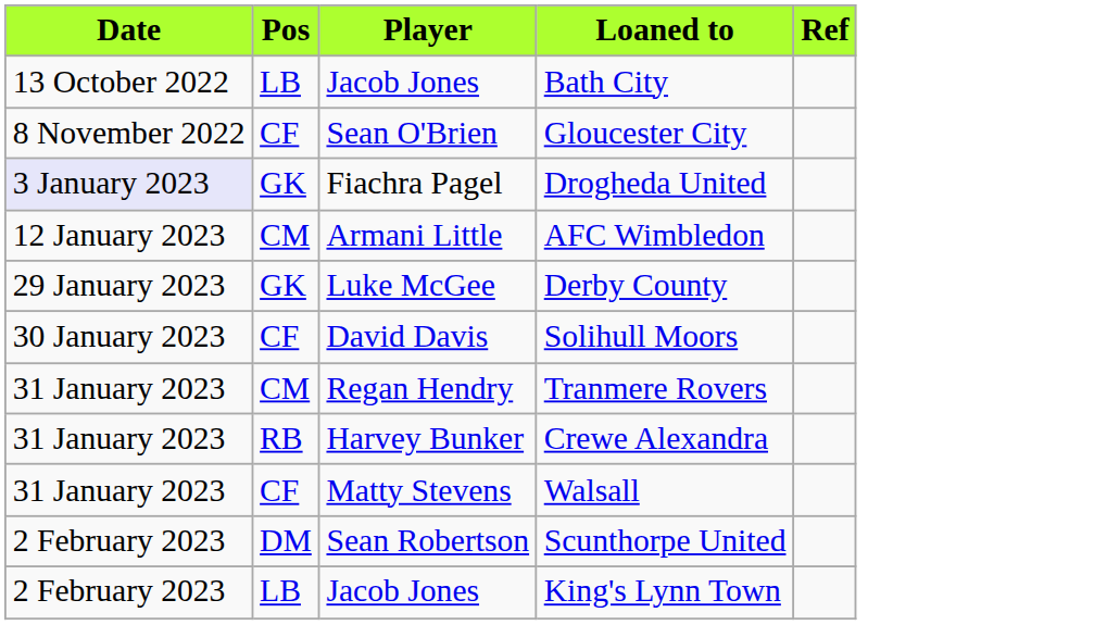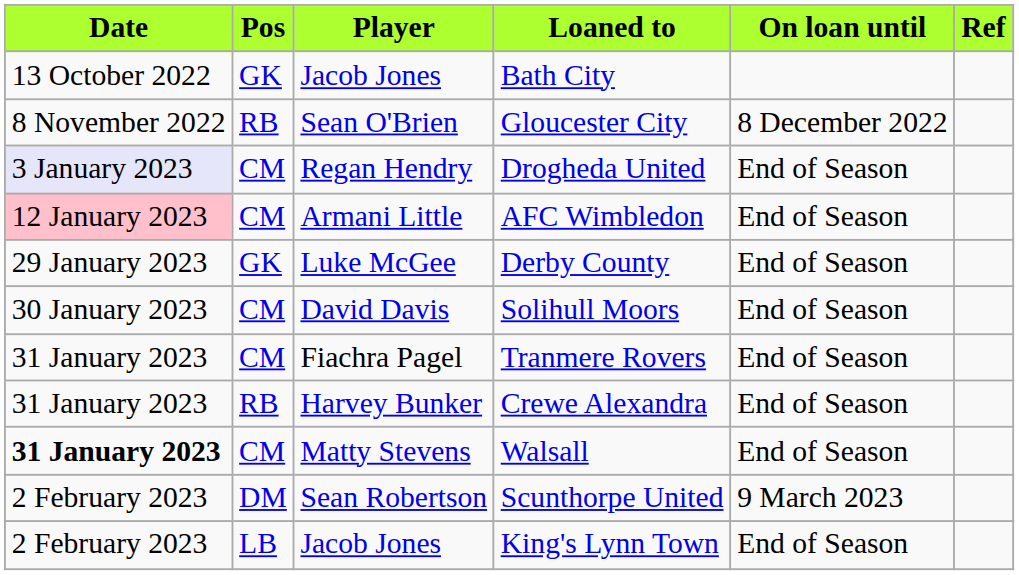 <table class="wikitable plainrowheaders sortable">
 <tr>
 <th style="background:#ADFF2F; color:#000000; ">Date</th>
 <th style="background:#ADFF2F; color:#000000; ">Pos</th>
 <th style="background:#ADFF2F; color:#000000; ">Player</th>
 <th style="background:#ADFF2F; color:#000000; ">Loaned to</th>
+<th style="background:#ADFF2F; color:#000000; ">On loan until</th>
 <th style="background:#ADFF2F; color:#000000; ">Ref</th>
 </tr>
 <tr>
 <td>13 October 2022</td>
-<td><a href='#'>LB</a></td>
+<td><a href='#'>GK</a></td>
 <td> <a href='#'>Jacob Jones</a></td>
 <td> <a href='#'>Bath City</a></td>
+<td></td>
 <td></td>
 </tr>
 <tr>
 <td>8 November 2022</td>
-<td><a href='#'>CF</a></td>
+<td><a href='#'>RB</a></td>
 <td> <a href='#'>Sean O'Brien</a></td>
 <td> <a href='#'>Gloucester City</a></td>
+<td>8 December 2022</td>
 <td></td>
 </tr>
 <tr>
 <td style="background: lavender;">3 January 2023</td>
-<td><a href='#'>GK</a></td>
-<td> Fiachra Pagel</td>
+<td><a href='#'>CM</a></td>
+<td> <a href='#'>Regan Hendry</a></td>
 <td> <a href='#'>Drogheda United</a></td>
+<td>End of Season</td>
 <td></td>
 </tr>
 <tr>
-<td>12 January 2023</td>
+<td style="background: pink;">12 January 2023</td>
 <td><a href='#'>CM</a></td>
 <td> <a href='#'>Armani Little</a></td>
 <td> <a href='#'>AFC Wimbledon</a></td>
+<td>End of Season</td>
 <td></td>
 </tr>
 <tr>
 <td>29 January 2023</td>
 <td><a href='#'>GK</a></td>
 <td> <a href='#'>Luke McGee</a></td>
 <td> <a href='#'>Derby County</a></td>
+<td>End of Season</td>
 <td></td>
 </tr>
 <tr>
 <td>30 January 2023</td>
-<td><a href='#'>CF</a></td>
+<td><a href='#'>CM</a></td>
 <td> <a href='#'>David Davis</a></td>
 <td> <a href='#'>Solihull Moors</a></td>
+<td>End of Season</td>
 <td></td>
 </tr>
 <tr>
 <td>31 January 2023</td>
 <td><a href='#'>CM</a></td>
-<td> <a href='#'>Regan Hendry</a></td>
+<td> Fiachra Pagel</td>
 <td> <a href='#'>Tranmere Rovers</a></td>
+<td>End of Season</td>
 <td></td>
 </tr>
 <tr>
 <td>31 January 2023</td>
 <td><a href='#'>RB</a></td>
 <td> <a href='#'>Harvey Bunker</a></td>
 <td> <a href='#'>Crewe Alexandra</a></td>
+<td>End of Season</td>
 <td></td>
 </tr>
 <tr>
-<td>31 January 2023</td>
-<td><a href='#'>CF</a></td>
+<td><strong>31 January 2023</strong></td>
+<td><a href='#'>CM</a></td>
 <td> <a href='#'>Matty Stevens</a></td>
 <td> <a href='#'>Walsall</a></td>
+<td>End of Season</td>
 <td></td>
 </tr>
 <tr>
 <td>2 February 2023</td>
 <td><a href='#'>DM</a></td>
 <td> <a href='#'>Sean Robertson</a></td>
 <td> <a href='#'>Scunthorpe United</a></td>
+<td>9 March 2023</td>
 <td></td>
 </tr>
 <tr>
 <td>2 February 2023</td>
 <td><a href='#'>LB</a></td>
 <td> <a href='#'>Jacob Jones</a></td>
 <td> <a href='#'>King's Lynn Town</a></td>
+<td>End of Season</td>
 <td></td>
 </tr>
 </table>
